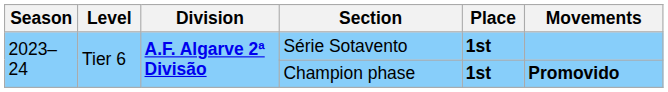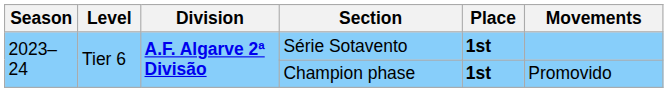 <table class="wikitable" style="text-align: left;">
 <tr>
 <th style="width: 60px;"><strong>Season</strong></th>
 <th style="width: 50px;"><strong>Level</strong></th>
 <th style="width: 120px;"><strong>Division</strong></th>
 <th style="width: 160px;"><strong>Section</strong></th>
 <th style="width: 50px;"><strong>Place</strong></th>
 <th style="width: 120px;"><strong>Movements</strong></th>
 </tr>
 <tr>
 <td rowspan=2 style="background:#87CEFA;">2023–24</td>
 <td rowspan=2 style="background:#87CEFA;">Tier 6</td>
 <td rowspan=2 style="background:#87CEFA;"><strong><a href='#'>A.F. Algarve 2ª Divisão</a></strong></td>
 <td style="background:#87CEFA;">Série Sotavento</td>
 <td style="background:#87CEFA;"><strong>1st</strong></td>
 <td style="background:#87CEFA;"></td>
 </tr>
 <tr>
 <td style="background:#87CEFA;">Champion phase</td>
 <td style="background:#87CEFA;"><strong>1st</strong></td>
-<td style="background:#87CEFA;"><strong>Promovido</strong></td>
+<td style="background:#87CEFA;">Promovido</td>
 </tr>
 </table>
